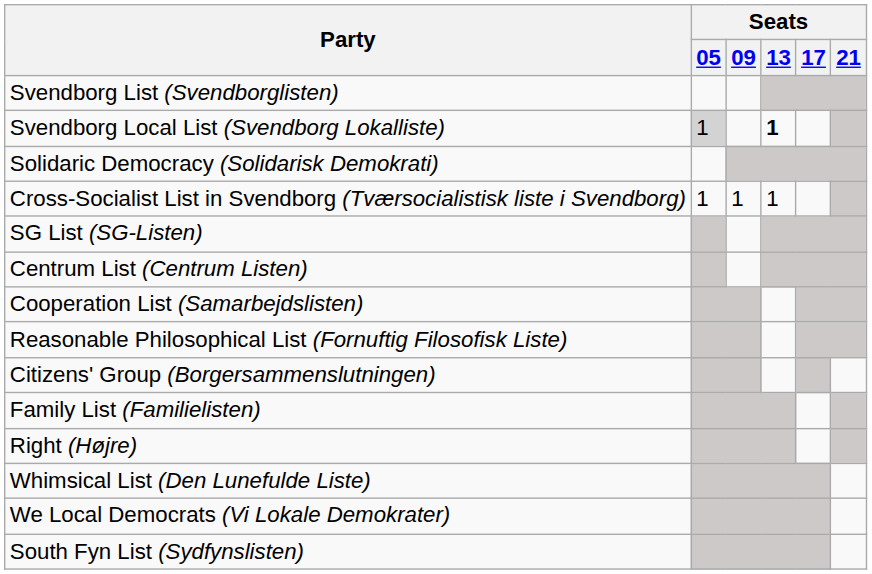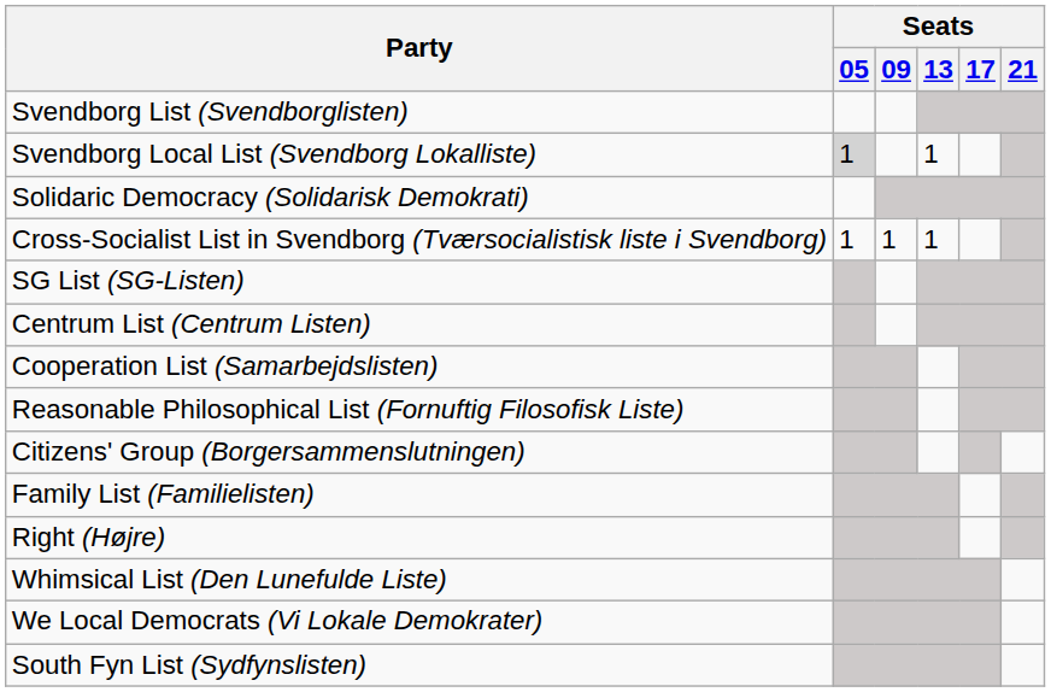 <table class="wikitable">
 <tr>
 <th rowspan=2>Party</th>
 <th colspan=11>Seats</th>
 </tr>
 <tr>
 <th><a href='#'>05</a></th>
 <th><a href='#'>09</a></th>
 <th><a href='#'>13</a></th>
 <th><a href='#'>17</a></th>
 <th><a href='#'>21</a></th>
 </tr>
 <tr>
 <td>Svendborg List <em>(Svendborglisten)</em></td>
 <td></td>
 <td></td>
 <td style="background:#CDC9C9;" colspan=3></td>
 </tr>
 <tr>
 <td>Svendborg Local List <em>(Svendborg Lokalliste)</em></td>
 <td style="background: lightgrey;">1</td>
 <td></td>
-<td><strong>1</strong></td>
+<td>1</td>
 <td></td>
 <td style="background:#CDC9C9;"></td>
 </tr>
 <tr>
 <td>Solidaric Democracy <em>(Solidarisk Demokrati)</em></td>
 <td></td>
 <td style="background:#CDC9C9;" colspan=4></td>
 </tr>
 <tr>
 <td>Cross-Socialist List in Svendborg <em>(Tværsocialistisk liste i Svendborg)</em></td>
 <td>1</td>
 <td>1</td>
 <td>1</td>
 <td></td>
 <td style="background:#CDC9C9;"></td>
 </tr>
 <tr>
 <td>SG List <em>(SG-Listen)</em></td>
 <td style="background:#CDC9C9;"></td>
 <td></td>
 <td style="background:#CDC9C9;" colspan=3></td>
 </tr>
 <tr>
 <td>Centrum List <em>(Centrum Listen)</em></td>
 <td style="background:#CDC9C9;"></td>
 <td></td>
 <td style="background:#CDC9C9;" colspan=3></td>
 </tr>
 <tr>
 <td>Cooperation List <em>(Samarbejdslisten)</em></td>
 <td style="background:#CDC9C9;" colspan=2></td>
 <td></td>
 <td style="background:#CDC9C9;" colspan=2></td>
 </tr>
 <tr>
 <td>Reasonable Philosophical List <em>(Fornuftig Filosofisk Liste)</em></td>
 <td style="background:#CDC9C9;" colspan=2></td>
 <td></td>
 <td style="background:#CDC9C9;" colspan=2></td>
 </tr>
 <tr>
 <td>Citizens' Group <em>(Borgersammenslutningen)</em></td>
 <td style="background:#CDC9C9;" colspan=2></td>
 <td></td>
 <td style="background:#CDC9C9;"></td>
 <td></td>
 </tr>
 <tr>
 <td>Family List <em>(Familielisten)</em></td>
 <td style="background:#CDC9C9;" colspan=3></td>
 <td></td>
 <td style="background:#CDC9C9;"></td>
 </tr>
 <tr>
 <td>Right <em>(Højre)</em></td>
 <td style="background:#CDC9C9;" colspan=3></td>
 <td></td>
 <td style="background:#CDC9C9;"></td>
 </tr>
 <tr>
 <td>Whimsical List <em>(Den Lunefulde Liste)</em></td>
 <td style="background:#CDC9C9;" colspan=4></td>
 <td></td>
 </tr>
 <tr>
 <td>We Local Democrats <em>(Vi Lokale Demokrater)</em></td>
 <td style="background:#CDC9C9;" colspan=4></td>
 <td></td>
 </tr>
 <tr>
 <td>South Fyn List <em>(Sydfynslisten)</em></td>
 <td style="background:#CDC9C9;" colspan=4></td>
 <td></td>
 </tr>
 </table>
